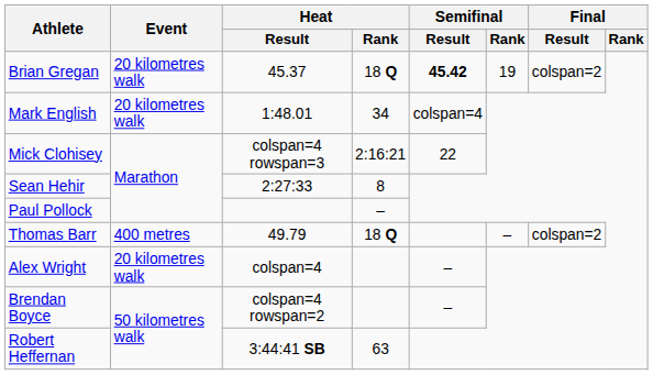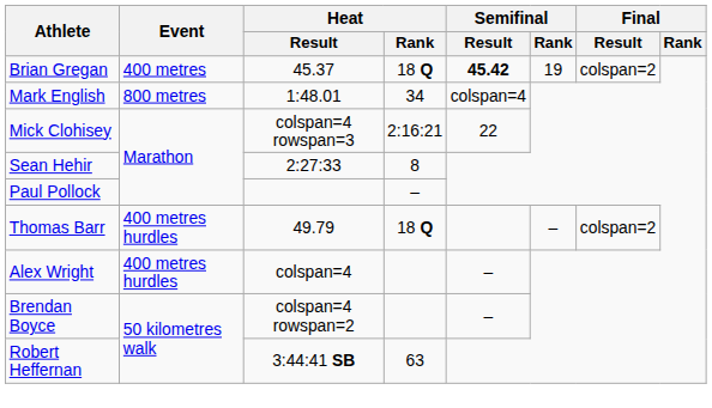 <table class="wikitable" style="font-size:90%">
 <tr>
 <th rowspan="2">Athlete</th>
 <th rowspan="2">Event</th>
 <th colspan="2">Heat</th>
 <th colspan="2">Semifinal</th>
 <th colspan="2">Final</th>
 </tr>
 <tr style="font-size:95%">
 <th>Result</th>
 <th>Rank</th>
 <th>Result</th>
 <th>Rank</th>
 <th>Result</th>
 <th>Rank</th>
 </tr>
 <tr style=text-align:center>
 <td style=text-align:left><a href='#'>Brian Gregan</a></td>
-<td style=text-align:left><a href='#'>20 kilometres walk</a></td>
+<td style=text-align:left><a href='#'>400 metres</a></td>
 <td>45.37</td>
 <td>18 <strong>Q</strong></td>
 <td><strong>45.42</strong></td>
 <td>19</td>
 <td>colspan=2 </td>
 </tr>
 <tr style=text-align:center>
 <td style=text-align:left><a href='#'>Mark English</a></td>
-<td style=text-align:left><a href='#'>20 kilometres walk</a></td>
+<td style=text-align:left><a href='#'>800 metres</a></td>
 <td>1:48.01</td>
 <td>34</td>
 <td>colspan=4 </td>
 </tr>
 <tr style=text-align:center>
 <td style=text-align:left><a href='#'>Mick Clohisey</a></td>
 <td style=text-align:left rowspan=3><a href='#'>Marathon</a></td>
 <td>colspan=4 rowspan=3 </td>
 <td>2:16:21</td>
 <td>22</td>
 </tr>
 <tr style=text-align:center>
 <td style=text-align:left><a href='#'>Sean Hehir</a></td>
 <td>2:27:33</td>
 <td>8</td>
 </tr>
 <tr style=text-align:center>
 <td style=text-align:left><a href='#'>Paul Pollock</a></td>
 <td></td>
 <td>–</td>
 </tr>
 <tr style=text-align:center>
 <td style=text-align:left><a href='#'>Thomas Barr</a></td>
-<td style=text-align:left><a href='#'>400 metres</a></td>
+<td style=text-align:left><a href='#'>400 metres hurdles</a></td>
 <td>49.79</td>
 <td>18 <strong>Q</strong></td>
 <td></td>
 <td>–</td>
 <td>colspan=2 </td>
 </tr>
 <tr style=text-align:center>
 <td style=text-align:left><a href='#'>Alex Wright</a></td>
-<td style=text-align:left><a href='#'>20 kilometres walk</a></td>
+<td style=text-align:left><a href='#'>400 metres hurdles</a></td>
 <td>colspan=4</td>
 <td></td>
 <td>–</td>
 </tr>
 <tr style=text-align:center>
 <td style=text-align:left><a href='#'>Brendan Boyce</a></td>
 <td style=text-align:left rowspan=2><a href='#'>50 kilometres walk</a></td>
 <td>colspan=4 rowspan=2 </td>
 <td></td>
 <td>–</td>
 </tr>
 <tr style=text-align:center>
 <td style=text-align:left><a href='#'>Robert Heffernan</a></td>
 <td>3:44:41 <strong>SB</strong></td>
 <td>63</td>
 </tr>
 </table>
